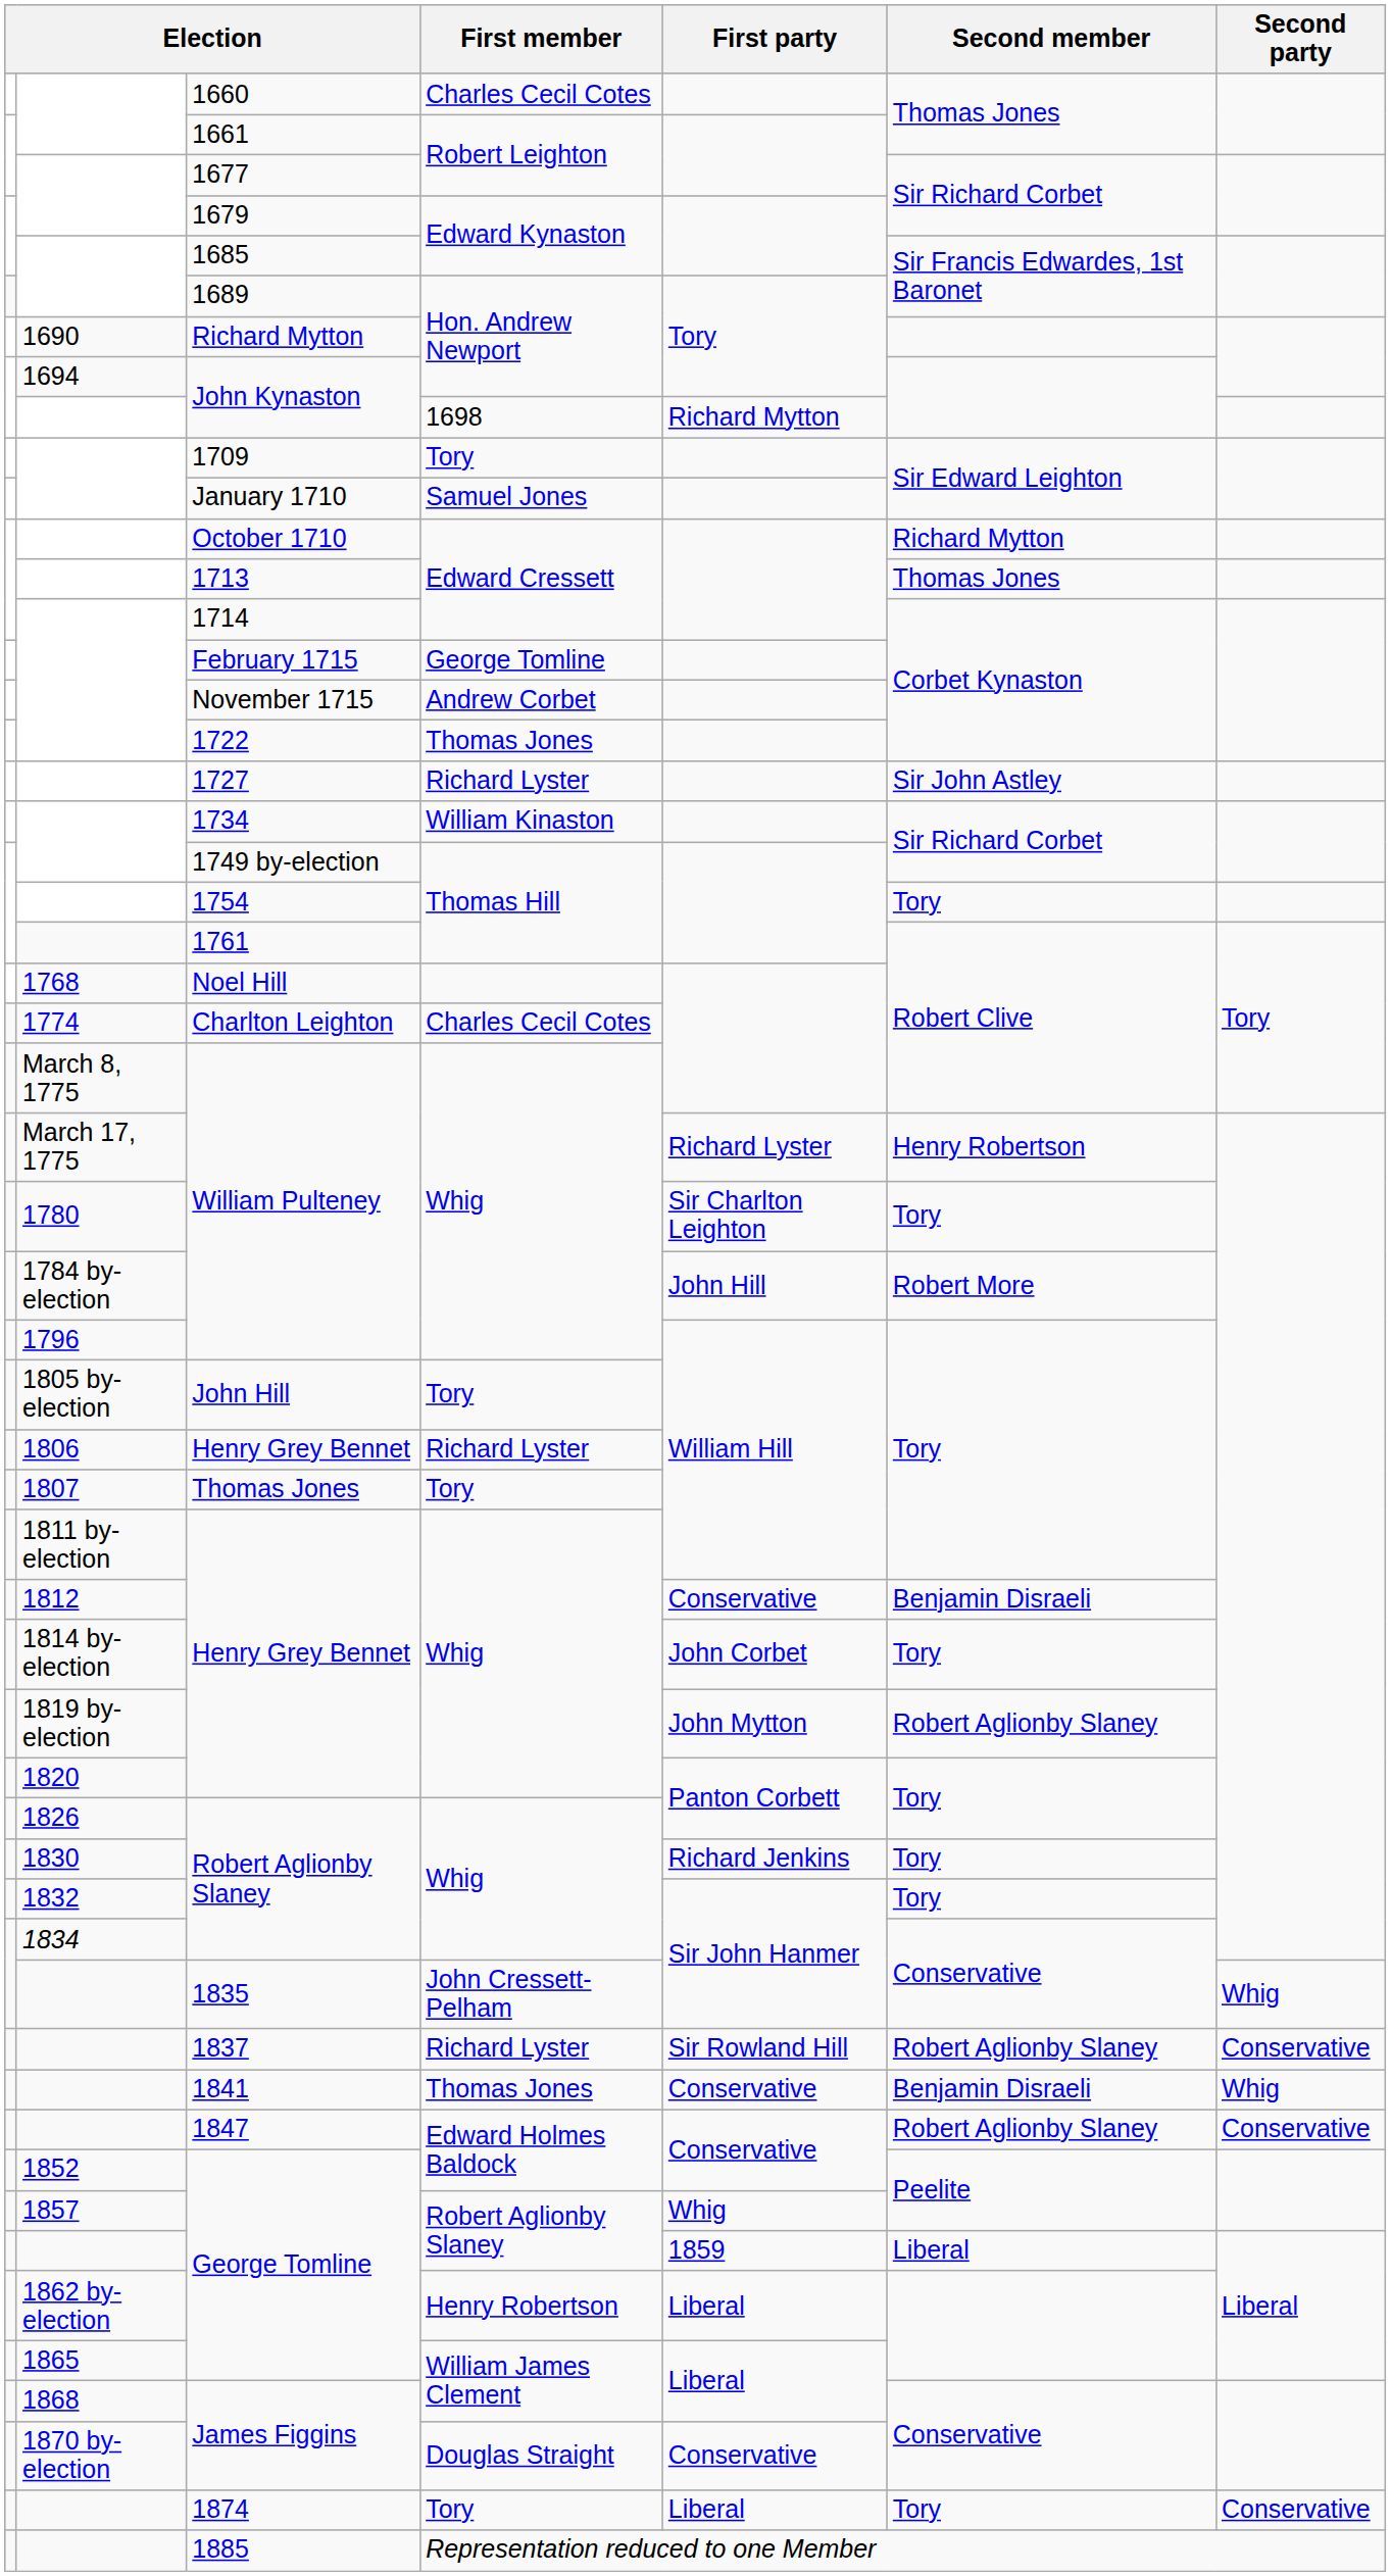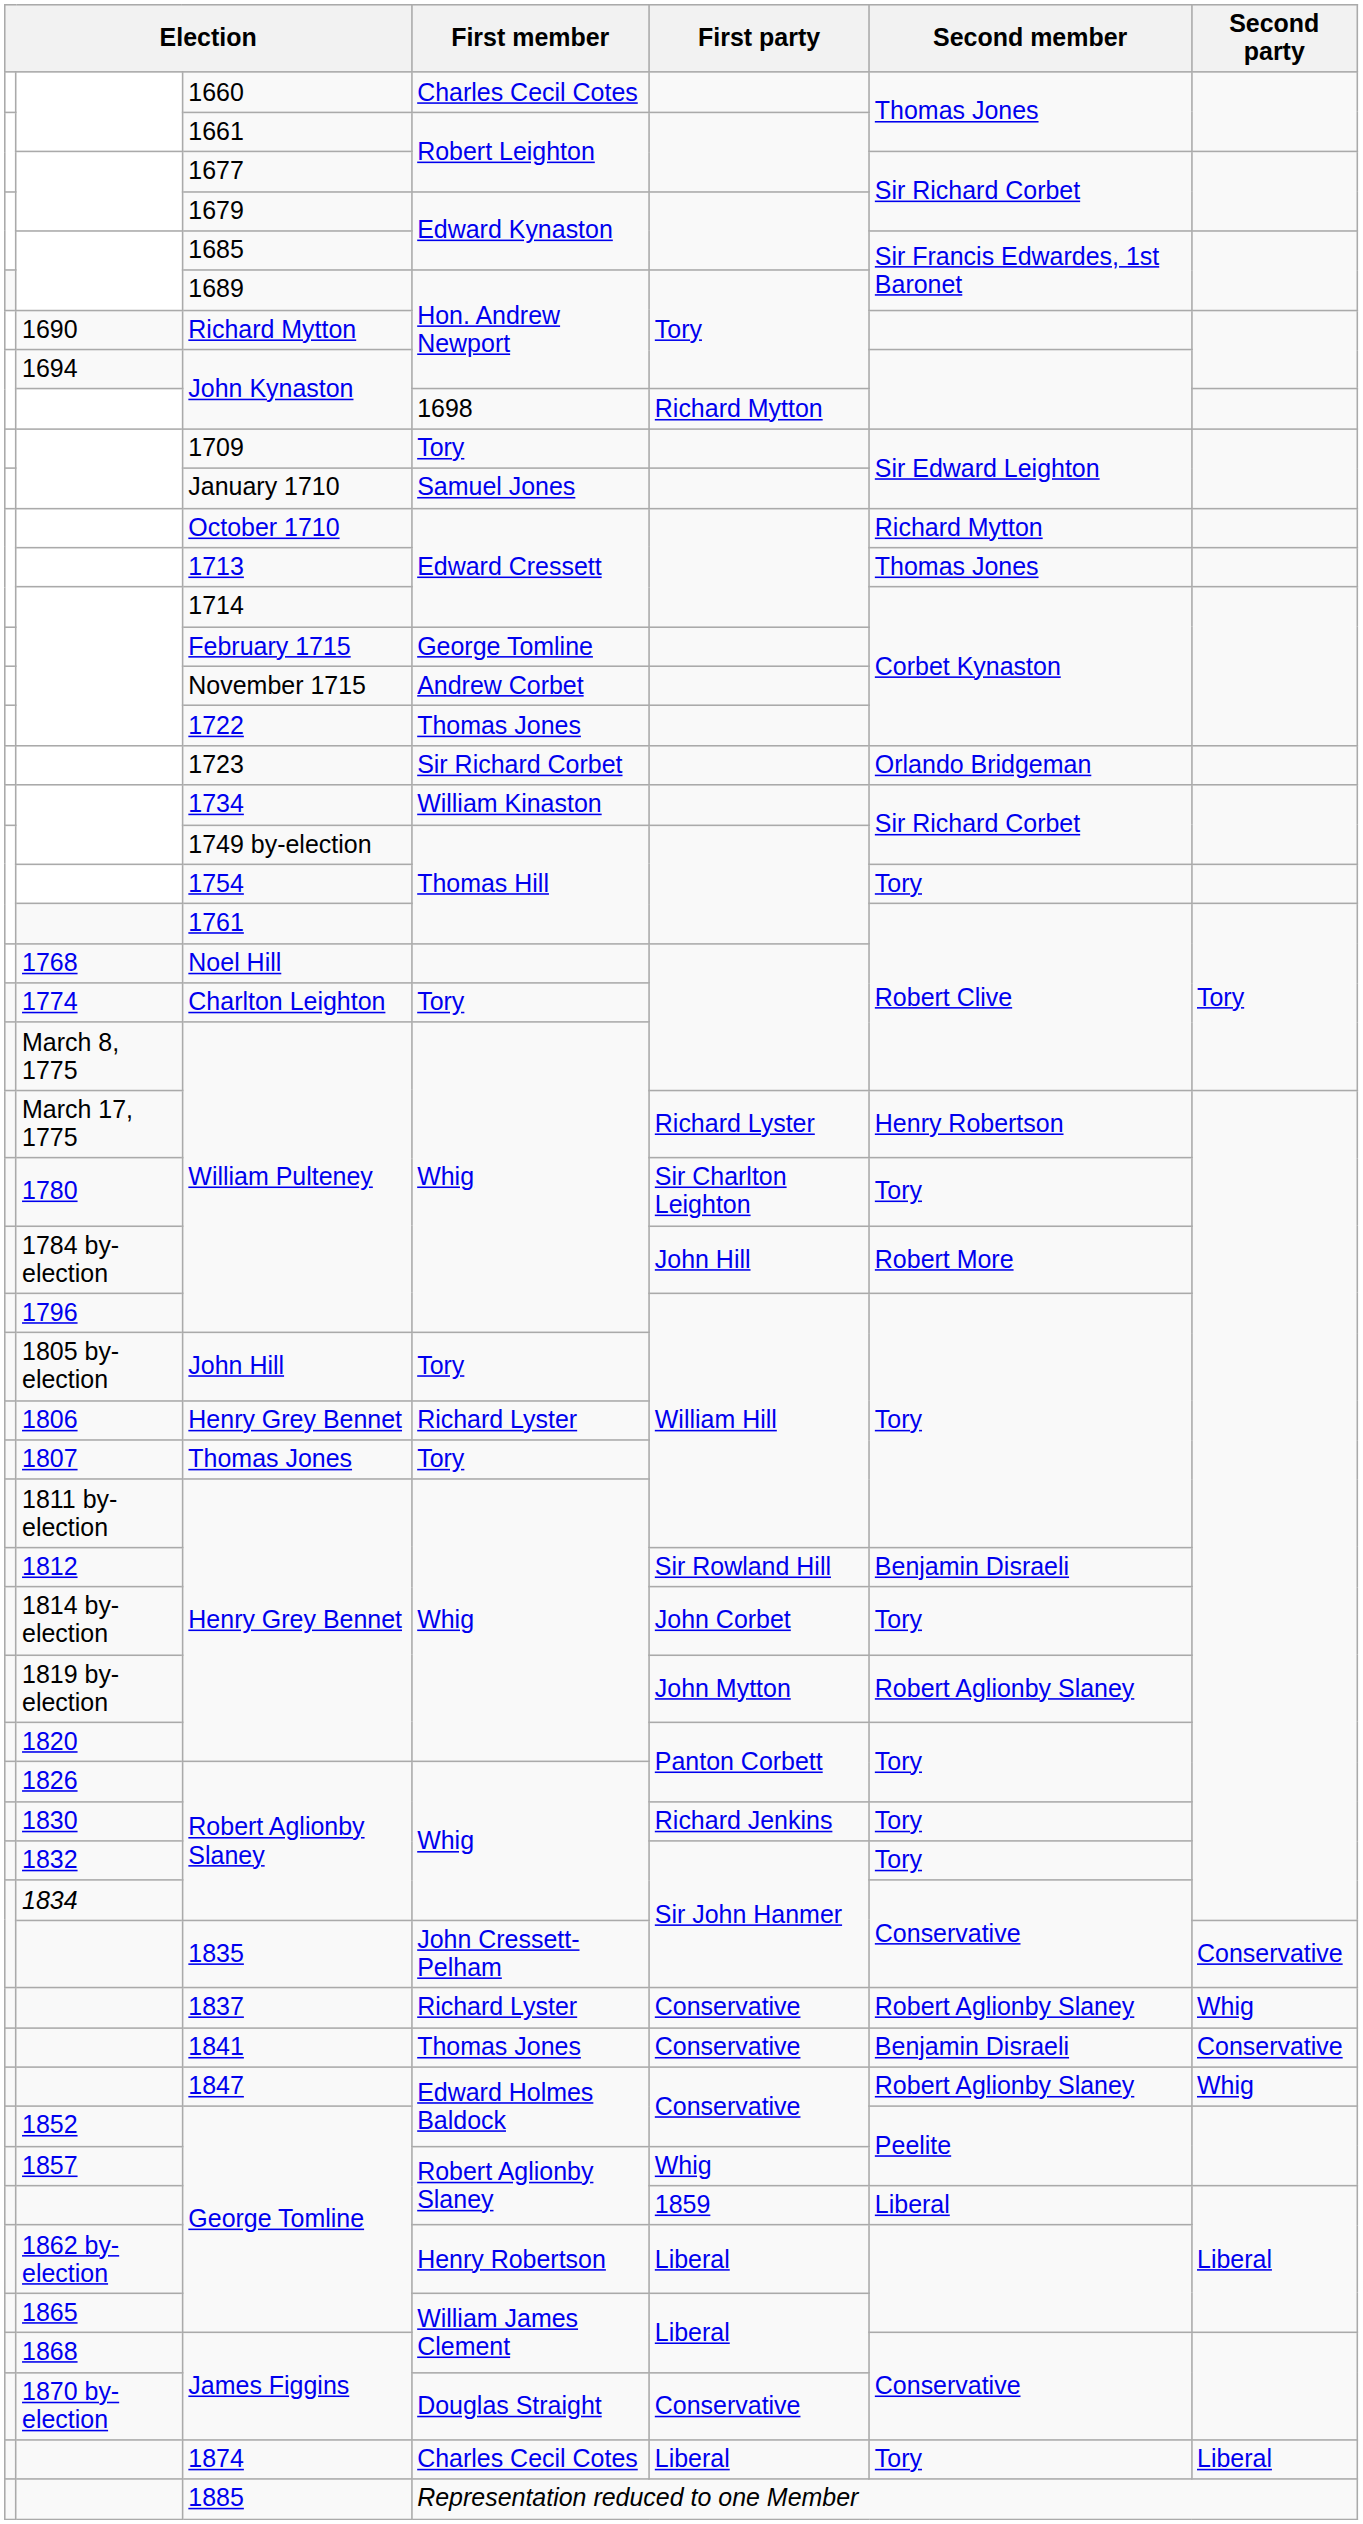 <table class="wikitable">
 <tr>
 <th colspan="3">Election</th>
 <th>First member</th>
 <th>First party</th>
 <th>Second member</th>
 <th>Second party</th>
 </tr>
 <tr>
 <td style="color:inherit;background-color: white"></td>
 <td style="color:inherit;background-color: white" rowspan="2"></td>
 <td>1660</td>
 <td><a href='#'>Charles Cecil Cotes</a></td>
 <td></td>
 <td rowspan="2"><a href='#'>Thomas Jones</a></td>
 <td rowspan="2"></td>
 </tr>
 <tr>
 <td style="color:inherit;background-color: white" rowspan="2"></td>
 <td>1661</td>
 <td rowspan="2"><a href='#'>Robert Leighton</a></td>
 <td rowspan="2"></td>
 </tr>
 <tr>
 <td style="color:inherit;background-color: white" rowspan="2"></td>
 <td>1677</td>
 <td rowspan="2"><a href='#'>Sir Richard Corbet</a></td>
 <td rowspan="2"></td>
 </tr>
 <tr>
 <td style="color:inherit;background-color: white" rowspan="2"></td>
 <td>1679</td>
 <td rowspan="2"><a href='#'>Edward Kynaston</a></td>
 <td rowspan="2"></td>
 </tr>
 <tr>
 <td style="color:inherit;background-color: white" rowspan="2"></td>
 <td>1685</td>
 <td rowspan="2"><a href='#'>Sir Francis Edwardes, 1st Baronet</a></td>
 <td rowspan="2"></td>
 </tr>
 <tr>
 <td style="color:inherit;background-color: "></td>
 <td>1689</td>
 <td rowspan="3"><a href='#'>Hon. Andrew Newport</a></td>
 <td rowspan="3"><a href='#'>Tory</a></td>
 </tr>
 <tr>
 <td style="color:inherit;background-color: white"></td>
 <td>1690</td>
 <td><a href='#'>Richard Mytton</a></td>
 <td></td>
 </tr>
 <tr>
 <td style="color:inherit;background-color: white" rowspan="2"></td>
 <td>1694</td>
 <td rowspan="2"><a href='#'>John Kynaston</a></td>
 <td rowspan="2"></td>
 </tr>
 <tr>
 <td style="color:inherit;background-color: white"></td>
 <td>1698</td>
 <td><a href='#'>Richard Mytton</a></td>
 <td></td>
 </tr>
 <tr>
 <td style="color:inherit;background-color: white"></td>
 <td style="color:inherit;background-color: white" rowspan="2"></td>
 <td>1709</td>
 <td><a href='#'>Tory</a></td>
 <td></td>
 <td rowspan="2"><a href='#'>Sir Edward Leighton</a></td>
 <td rowspan="2"></td>
 </tr>
 <tr>
 <td style="color:inherit;background-color: white"></td>
 <td>January  1710</td>
 <td><a href='#'>Samuel Jones</a></td>
 <td></td>
 </tr>
 <tr>
 <td style="color:inherit;background-color: white" rowspan="3"></td>
 <td style="color:inherit;background-color: white"></td>
 <td><a href='#'>October 1710</a></td>
 <td rowspan="3"><a href='#'>Edward Cressett</a></td>
 <td rowspan="3"></td>
 <td><a href='#'>Richard Mytton</a></td>
 <td></td>
 </tr>
 <tr>
 <td style="color:inherit;background-color: white"></td>
 <td><a href='#'>1713</a></td>
 <td><a href='#'>Thomas Jones</a></td>
 <td></td>
 </tr>
 <tr>
 <td style="color:inherit;background-color: white" rowspan="4"></td>
 <td>1714</td>
 <td rowspan="4"><a href='#'>Corbet Kynaston</a></td>
 <td rowspan="4"></td>
 </tr>
 <tr>
 <td style="color:inherit;background-color: white"></td>
 <td><a href='#'>February 1715</a></td>
 <td><a href='#'>George Tomline</a></td>
 <td></td>
 </tr>
 <tr>
 <td style="color:inherit;background-color: white"></td>
 <td>November  1715</td>
 <td><a href='#'>Andrew Corbet</a></td>
 <td></td>
 </tr>
 <tr>
 <td style="color:inherit;background-color: white"></td>
 <td><a href='#'>1722</a></td>
 <td><a href='#'>Thomas Jones</a></td>
 <td></td>
 </tr>
 <tr>
 <td style="color:inherit;background-color: white"></td>
 <td style="color:inherit;background-color: white"></td>
-<td><a href='#'>1727</a></td>
-<td><a href='#'>Richard Lyster</a></td>
+<td>1723</td>
+<td><a href='#'>Sir Richard Corbet</a></td>
 <td></td>
-<td><a href='#'>Sir John Astley</a></td>
+<td><a href='#'>Orlando Bridgeman</a></td>
 <td></td>
 </tr>
 <tr>
 <td style="color:inherit;background-color: white"></td>
 <td style="color:inherit;background-color: white" rowspan="2"></td>
 <td><a href='#'>1734</a></td>
 <td><a href='#'>William Kinaston</a></td>
 <td></td>
 <td rowspan="2"><a href='#'>Sir Richard Corbet</a></td>
 <td rowspan="2"></td>
 </tr>
 <tr>
 <td style="color:inherit;background-color: white" rowspan="3"></td>
 <td>1749 by-election</td>
 <td rowspan="3"><a href='#'>Thomas Hill</a></td>
 <td rowspan="3"></td>
 </tr>
 <tr>
 <td style="color:inherit;background-color: white"></td>
 <td><a href='#'>1754</a></td>
 <td><a href='#'>Tory</a></td>
 <td></td>
 </tr>
 <tr>
 <td style="color:inherit;background-color: "></td>
 <td><a href='#'>1761</a></td>
 <td rowspan="4"><a href='#'>Robert Clive</a></td>
 <td rowspan="4"><a href='#'>Tory</a></td>
 </tr>
 <tr>
 <td style="color:inherit;background-color: white"></td>
 <td><a href='#'>1768</a></td>
 <td><a href='#'>Noel Hill</a></td>
 <td></td>
 </tr>
 <tr>
 <td style="color:inherit;background-color: "></td>
 <td><a href='#'>1774</a></td>
 <td><a href='#'>Charlton Leighton</a></td>
-<td><a href='#'>Charles Cecil Cotes</a></td>
+<td><a href='#'>Tory</a></td>
 </tr>
 <tr>
 <td style="color:inherit;background-color: "></td>
 <td>March 8, 1775</td>
 <td rowspan="5"><a href='#'>William Pulteney</a></td>
 <td rowspan="5"><a href='#'>Whig</a></td>
 </tr>
 <tr>
 <td style="color:inherit;background-color: "></td>
 <td>March 17, 1775</td>
 <td><a href='#'>Richard Lyster</a></td>
 <td><a href='#'>Henry Robertson</a></td>
 </tr>
 <tr>
 <td style="color:inherit;background-color: "></td>
 <td><a href='#'>1780</a></td>
 <td><a href='#'>Sir Charlton Leighton</a></td>
 <td><a href='#'>Tory</a></td>
 </tr>
 <tr>
 <td style="color:inherit;background-color: "></td>
 <td>1784 by-election</td>
 <td><a href='#'>John Hill</a></td>
 <td><a href='#'>Robert More</a></td>
 </tr>
 <tr>
 <td style="color:inherit;background-color: "></td>
 <td><a href='#'>1796</a></td>
 <td rowspan="5"><a href='#'>William Hill</a></td>
 <td rowspan="5"><a href='#'>Tory</a></td>
 </tr>
 <tr>
 <td style="color:inherit;background-color: "></td>
 <td>1805 by-election</td>
 <td><a href='#'>John Hill</a></td>
 <td><a href='#'>Tory</a></td>
 </tr>
 <tr>
 <td style="color:inherit;background-color: "></td>
 <td><a href='#'>1806</a></td>
 <td><a href='#'>Henry Grey Bennet</a></td>
 <td><a href='#'>Richard Lyster</a></td>
 </tr>
 <tr>
 <td style="color:inherit;background-color: "></td>
 <td><a href='#'>1807</a></td>
 <td><a href='#'>Thomas Jones</a></td>
 <td><a href='#'>Tory</a></td>
 </tr>
 <tr>
 <td style="color:inherit;background-color: "></td>
 <td>1811 by-election</td>
 <td rowspan="5"><a href='#'>Henry Grey Bennet</a></td>
 <td rowspan="5"><a href='#'>Whig</a></td>
 </tr>
 <tr>
 <td style="color:inherit;background-color: "></td>
 <td><a href='#'>1812</a></td>
-<td><a href='#'>Conservative</a></td>
+<td><a href='#'>Sir Rowland Hill</a></td>
 <td><a href='#'>Benjamin Disraeli</a></td>
 </tr>
 <tr>
 <td style="color:inherit;background-color: "></td>
 <td>1814 by-election</td>
 <td><a href='#'>John Corbet</a></td>
 <td><a href='#'>Tory</a></td>
 </tr>
 <tr>
 <td style="color:inherit;background-color: "></td>
 <td>1819 by-election</td>
 <td><a href='#'>John Mytton</a></td>
 <td><a href='#'>Robert Aglionby Slaney</a></td>
 </tr>
 <tr>
 <td style="color:inherit;background-color: "></td>
 <td><a href='#'>1820</a></td>
 <td rowspan="2"><a href='#'>Panton Corbett</a></td>
 <td rowspan="2"><a href='#'>Tory</a></td>
 </tr>
 <tr>
 <td style="color:inherit;background-color: "></td>
 <td><a href='#'>1826</a></td>
 <td rowspan="4"><a href='#'>Robert Aglionby Slaney</a></td>
 <td rowspan="4"><a href='#'>Whig</a></td>
 </tr>
 <tr>
 <td style="color:inherit;background-color: "></td>
 <td><a href='#'>1830</a></td>
 <td><a href='#'>Richard Jenkins</a></td>
 <td><a href='#'>Tory</a></td>
 </tr>
 <tr>
 <td style="color:inherit;background-color: "></td>
 <td><a href='#'>1832</a></td>
 <td rowspan="3"><a href='#'>Sir John Hanmer</a></td>
 <td><a href='#'>Tory</a></td>
 </tr>
 <tr>
 <td rowspan="2" style="color:inherit;background-color: "></td>
 <td><em>1834</em></td>
 <td rowspan="2"><a href='#'>Conservative</a></td>
 </tr>
 <tr>
 <td style="color:inherit;background-color: "></td>
 <td><a href='#'>1835</a></td>
 <td><a href='#'>John Cressett-Pelham</a></td>
-<td><a href='#'>Whig</a></td>
+<td><a href='#'>Conservative</a></td>
 </tr>
 <tr>
 <td style="color:inherit;background-color: "></td>
 <td style="color:inherit;background-color: "></td>
 <td><a href='#'>1837</a></td>
 <td><a href='#'>Richard Lyster</a></td>
-<td><a href='#'>Sir Rowland Hill</a></td>
+<td><a href='#'>Conservative</a></td>
 <td><a href='#'>Robert Aglionby Slaney</a></td>
-<td><a href='#'>Conservative</a></td>
+<td><a href='#'>Whig</a></td>
 </tr>
 <tr>
 <td style="color:inherit;background-color: "></td>
 <td style="color:inherit;background-color: "></td>
 <td><a href='#'>1841</a></td>
 <td><a href='#'>Thomas Jones</a></td>
 <td><a href='#'>Conservative</a></td>
 <td><a href='#'>Benjamin Disraeli</a></td>
-<td><a href='#'>Whig</a></td>
+<td><a href='#'>Conservative</a></td>
 </tr>
 <tr>
 <td style="color:inherit;background-color: "></td>
 <td style="color:inherit;background-color: "></td>
 <td><a href='#'>1847</a></td>
 <td rowspan="2"><a href='#'>Edward Holmes Baldock</a></td>
 <td rowspan="2"><a href='#'>Conservative</a></td>
 <td><a href='#'>Robert Aglionby Slaney</a></td>
-<td><a href='#'>Conservative</a></td>
+<td><a href='#'>Whig</a></td>
 </tr>
 <tr>
 <td style="color:inherit;background-color: "></td>
 <td><a href='#'>1852</a></td>
 <td rowspan="5"><a href='#'>George Tomline</a></td>
 <td rowspan="2"><a href='#'>Peelite</a></td>
 </tr>
 <tr>
 <td style="color:inherit;background-color: "></td>
 <td><a href='#'>1857</a></td>
 <td rowspan="2"><a href='#'>Robert Aglionby Slaney</a></td>
 <td><a href='#'>Whig</a></td>
 </tr>
 <tr>
 <td style="color:inherit;background-color: "></td>
 <td style="color:inherit;background-color: "></td>
 <td><a href='#'>1859</a></td>
 <td><a href='#'>Liberal</a></td>
 <td rowspan="3"><a href='#'>Liberal</a></td>
 </tr>
 <tr>
 <td style="color:inherit;background-color: "></td>
 <td><a href='#'>1862 by-election</a></td>
 <td><a href='#'>Henry Robertson</a></td>
 <td><a href='#'>Liberal</a></td>
 </tr>
 <tr>
 <td style="color:inherit;background-color: "></td>
 <td><a href='#'>1865</a></td>
 <td rowspan="2"><a href='#'>William James Clement</a></td>
 <td rowspan="2"><a href='#'>Liberal</a></td>
 </tr>
 <tr>
 <td style="color:inherit;background-color: "></td>
 <td><a href='#'>1868</a></td>
 <td rowspan="2"><a href='#'>James Figgins</a></td>
 <td rowspan="2"><a href='#'>Conservative</a></td>
 </tr>
 <tr>
 <td style="color:inherit;background-color: "></td>
 <td><a href='#'>1870 by-election</a></td>
 <td><a href='#'>Douglas Straight</a></td>
 <td><a href='#'>Conservative</a></td>
 </tr>
 <tr>
 <td style="color:inherit;background-color: "></td>
 <td style="color:inherit;background-color: "></td>
 <td><a href='#'>1874</a></td>
+<td><a href='#'>Charles Cecil Cotes</a></td>
+<td><a href='#'>Liberal</a></td>
 <td><a href='#'>Tory</a></td>
 <td><a href='#'>Liberal</a></td>
-<td><a href='#'>Tory</a></td>
-<td><a href='#'>Conservative</a></td>
 </tr>
 <tr>
 <td></td>
 <td></td>
 <td><a href='#'>1885</a></td>
 <td colspan="4"><em>Representation reduced to one Member</em></td>
 </tr>
 </table>
